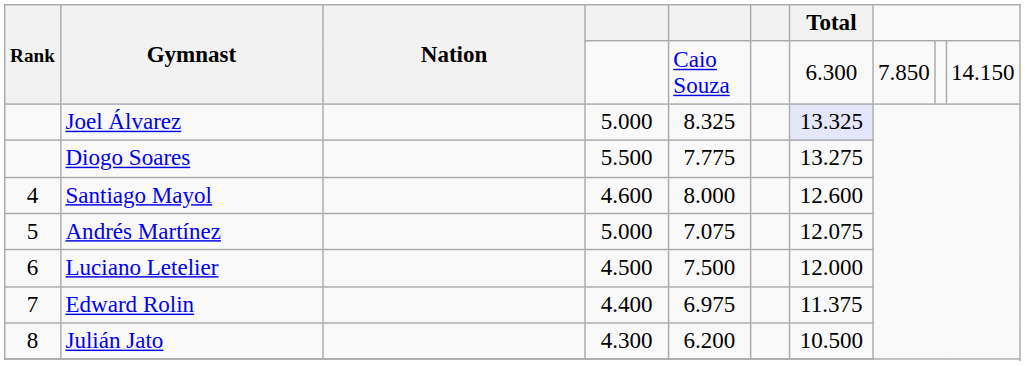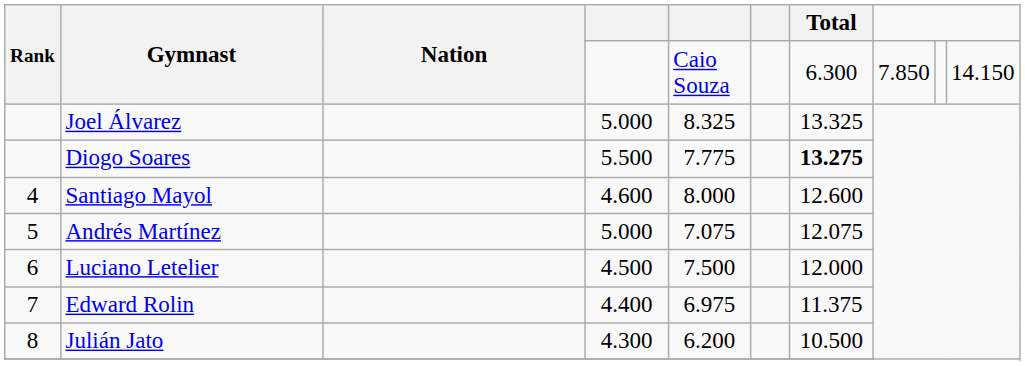 <table style="text-align:center;" class="wikitable sortable">
 <tr>
 <th rowspan="2" scope="col" style="width:15px;"><small>Rank</small></th>
 <th rowspan="2" scope="col" style="width:175px;">Gymnast</th>
 <th rowspan="2" scope="col" style="width:175px;">Nation</th>
 <th scope="col" style="width:50px;"><small></small></th>
 <th scope="col" style="width:50px;"><small></small></th>
 <th scope="col" style="width:20px;"><small></small></th>
 <th scope="col" style="width:50px;">Total</th>
 </tr>
 <tr>
 <td></td>
 <td align=left><a href='#'>Caio Souza</a></td>
 <td align=left></td>
 <td>6.300</td>
 <td>7.850</td>
 <td></td>
 <td>14.150</td>
 </tr>
 <tr>
 <td></td>
 <td align=left><a href='#'>Joel Álvarez</a></td>
 <td align=left></td>
 <td>5.000</td>
 <td>8.325</td>
 <td></td>
-<td style="background: lavender;">13.325</td>
+<td>13.325</td>
 </tr>
 <tr>
 <td></td>
 <td align=left><a href='#'>Diogo Soares</a></td>
 <td align=left></td>
 <td>5.500</td>
 <td>7.775</td>
 <td></td>
-<td>13.275</td>
+<td><strong>13.275</strong></td>
 </tr>
 <tr>
 <td>4</td>
 <td align=left><a href='#'>Santiago Mayol</a></td>
 <td align=left></td>
 <td>4.600</td>
 <td>8.000</td>
 <td></td>
 <td>12.600</td>
 </tr>
 <tr>
 <td>5</td>
 <td align=left><a href='#'>Andrés Martínez</a></td>
 <td align=left></td>
 <td>5.000</td>
 <td>7.075</td>
 <td></td>
 <td>12.075</td>
 </tr>
 <tr>
 <td>6</td>
 <td align=left><a href='#'>Luciano Letelier</a></td>
 <td align=left></td>
 <td>4.500</td>
 <td>7.500</td>
 <td></td>
 <td>12.000</td>
 </tr>
 <tr>
 <td>7</td>
 <td align=left><a href='#'>Edward Rolin</a></td>
 <td align=left></td>
 <td>4.400</td>
 <td>6.975</td>
 <td></td>
 <td>11.375</td>
 </tr>
 <tr>
 <td>8</td>
 <td align=left><a href='#'>Julián Jato</a></td>
 <td align=left></td>
 <td>4.300</td>
 <td>6.200</td>
 <td></td>
 <td>10.500</td>
 </tr>
 <tr>
 </tr>
 </table>
